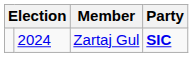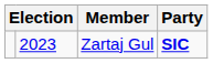 <table class="wikitable">
 <tr>
 <th colspan="2">Election</th>
 <th>Member</th>
 <th>Party</th>
 </tr>
 <tr>
 <td style="background-color: "></td>
-<td><a href='#'>2024</a></td>
+<td><a href='#'>2023</a></td>
 <td><a href='#'>Zartaj Gul</a></td>
 <td><strong><a href='#'>SIC</a></strong></td>
 </tr>
 </table>
